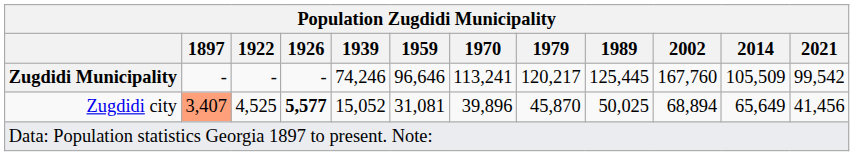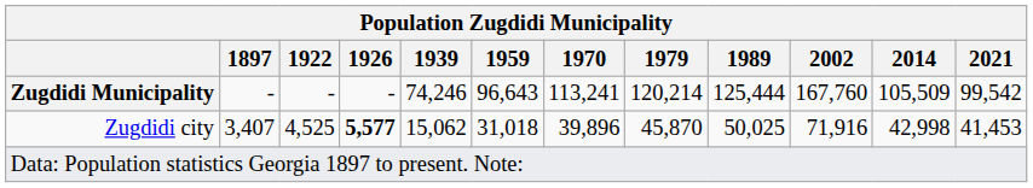 <table class="wikitable" style="text-align:right">
 <tr>
 <th colspan=19>Population Zugdidi Municipality</th>
 </tr>
 <tr>
 <th></th>
 <th>1897</th>
 <th>1922</th>
 <th>1926</th>
 <th>1939</th>
 <th>1959</th>
 <th>1970</th>
 <th>1979</th>
 <th>1989</th>
 <th>2002</th>
 <th>2014</th>
 <th>2021</th>
 </tr>
 <tr>
 <th>Zugdidi Municipality</th>
 <td>-</td>
 <td>-</td>
 <td>-</td>
 <td>74,246</td>
-<td> 96,646</td>
+<td> 96,643</td>
 <td> 113,241</td>
-<td> 120,217</td>
-<td> 125,445</td>
+<td> 120,214</td>
+<td> 125,444</td>
 <td> 167,760</td>
 <td> 105,509</td>
 <td> 99,542</td>
 </tr>
 <tr>
 <td><a href='#'>Zugdidi</a> city</td>
-<td style="background: lightsalmon;">3,407</td>
+<td>3,407</td>
 <td> 4,525</td>
 <td><strong> 5,577</strong></td>
-<td> 15,052</td>
-<td> 31,081</td>
+<td> 15,062</td>
+<td> 31,018</td>
 <td> 39,896</td>
 <td> 45,870</td>
 <td> 50,025</td>
-<td> 68,894</td>
-<td> 65,649</td>
-<td> 41,456</td>
+<td> 71,916</td>
+<td> 42,998</td>
+<td> 41,453</td>
 </tr>
 <tr>
 <td colspan=15 class="wikitable" style="align:left;text-align:left;background-color:#eaecf0">Data: Population statistics Georgia 1897 to present.  Note:</td>
 </tr>
 </table>
